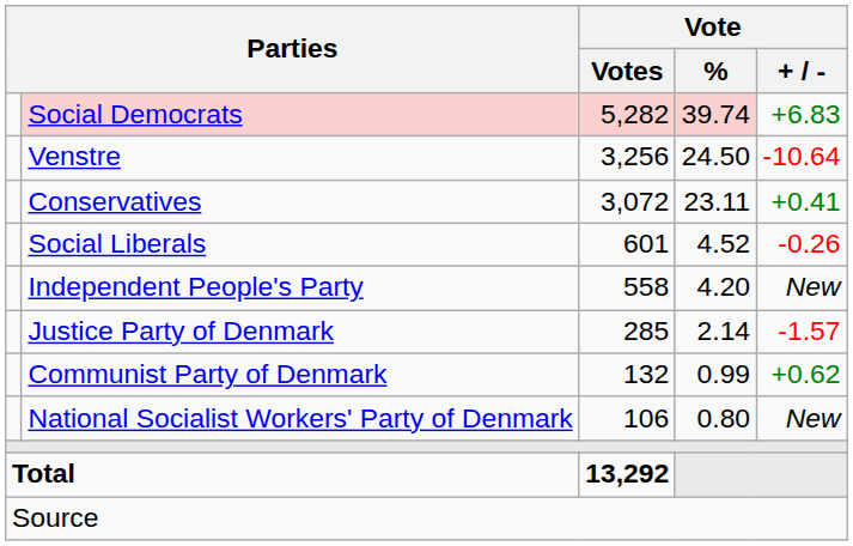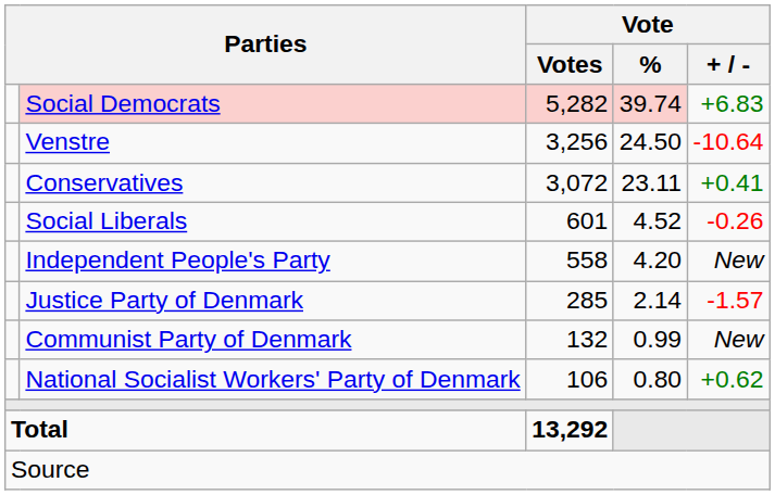 <table class="wikitable" style="text-align:right;">
 <tr>
 <th style="text-align:centre;" rowspan="2" colspan="2" width="225">Parties</th>
 <th colspan="3">Vote</th>
 </tr>
 <tr>
 <th width="15">Votes</th>
 <th width="15">%</th>
 <th width="15">+ / -</th>
 </tr>
 <tr>
 <td width="2" style="color:inherit;background:"></td>
 <td bgcolor=#fbd0ce  align="left"><a href='#'>Social Democrats</a></td>
 <td bgcolor=#fbd0ce>5,282</td>
 <td bgcolor=#fbd0ce>39.74</td>
 <td style=color:green;>+6.83</td>
 </tr>
 <tr>
 <td width="2" style="color:inherit;background:"></td>
 <td align="left"><a href='#'>Venstre</a></td>
 <td>3,256</td>
 <td>24.50</td>
 <td style=color:red;>-10.64</td>
 </tr>
 <tr>
 <td width="2" style="color:inherit;background:"></td>
 <td align="left"><a href='#'>Conservatives</a></td>
 <td>3,072</td>
 <td>23.11</td>
 <td style=color:green;>+0.41</td>
 </tr>
 <tr>
 <td width="2" style="color:inherit;background:"></td>
 <td align="left"><a href='#'>Social Liberals</a></td>
 <td>601</td>
 <td>4.52</td>
 <td style=color:red;>-0.26</td>
 </tr>
 <tr>
 <td width="2" style="color:inherit;background:"></td>
 <td align="left"><a href='#'>Independent People's Party</a></td>
 <td>558</td>
 <td>4.20</td>
 <td><em>New</em></td>
 </tr>
 <tr>
 <td width="2" style="color:inherit;background:"></td>
 <td align="left"><a href='#'>Justice Party of Denmark</a></td>
 <td>285</td>
 <td>2.14</td>
 <td style=color:red;>-1.57</td>
 </tr>
 <tr>
 <td width="2" style="color:inherit;background:"></td>
 <td align="left"><a href='#'>Communist Party of Denmark</a></td>
 <td>132</td>
 <td>0.99</td>
-<td style=color:green;>+0.62</td>
+<td><em>New</em></td>
 </tr>
 <tr>
 <td width="2" style="color:inherit;background:"></td>
 <td align="left"><a href='#'>National Socialist Workers' Party of Denmark</a></td>
 <td>106</td>
 <td>0.80</td>
-<td><em>New</em></td>
+<td style=color:green;>+0.62</td>
 </tr>
 <tr>
 <td colspan="7" bgcolor="#E9E9E9"></td>
 </tr>
 <tr>
 <td align="left" colspan="2"><strong>Total</strong></td>
 <td><strong>13,292</strong></td>
 <td bgcolor="#E9E9E9" colspan="2"></td>
 </tr>
 <tr>
 <td align="left" colspan="6">Source</td>
 </tr>
 </table>
